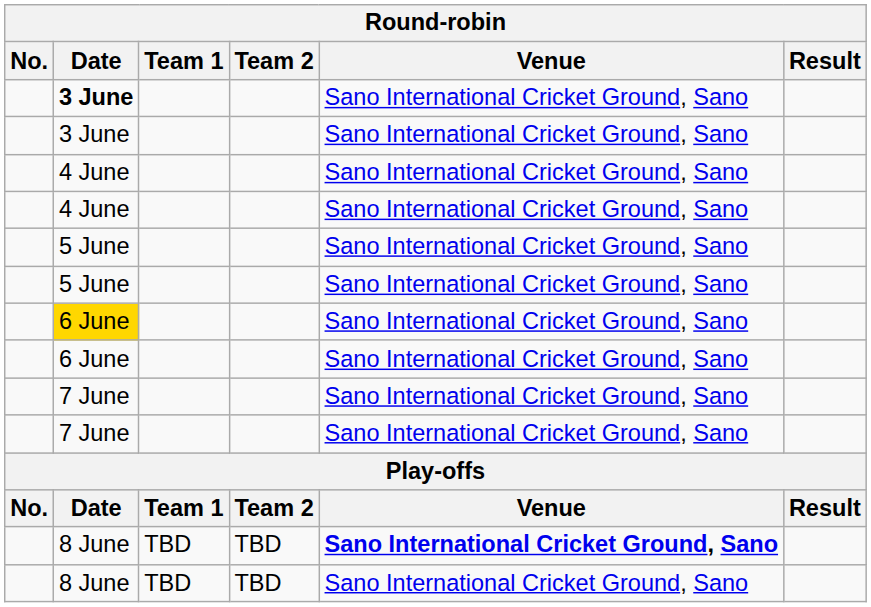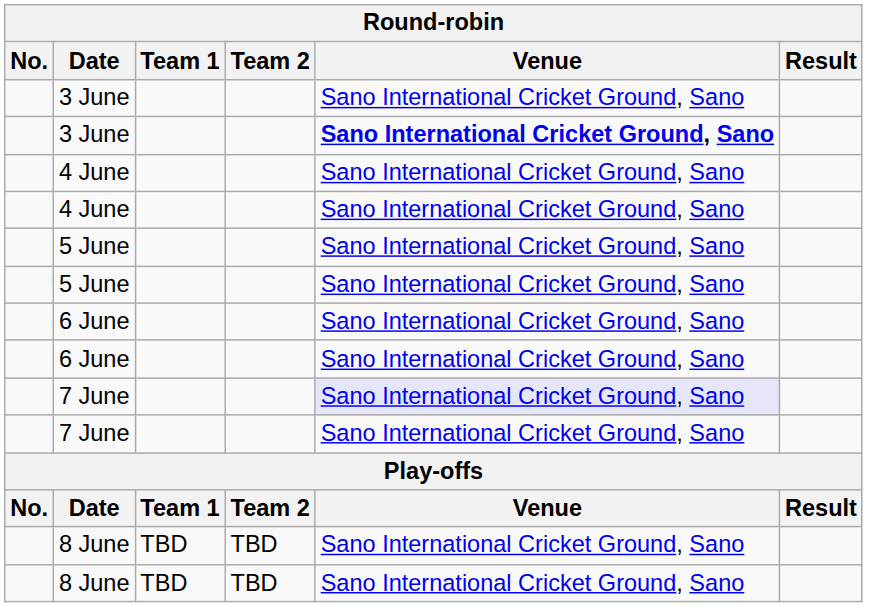 <table class="wikitable">
 <tr>
 <th colspan="6">Round-robin</th>
 </tr>
 <tr>
 <th>No.</th>
 <th>Date</th>
 <th>Team 1</th>
 <th>Team 2</th>
 <th>Venue</th>
 <th>Result</th>
 </tr>
 <tr>
 <td></td>
-<td><strong>3 June</strong></td>
+<td>3 June</td>
 <td></td>
 <td></td>
 <td><a href='#'>Sano International Cricket Ground</a>, <a href='#'>Sano</a></td>
 <td></td>
 </tr>
 <tr>
 <td></td>
 <td>3 June</td>
 <td></td>
 <td></td>
-<td><a href='#'>Sano International Cricket Ground</a>, <a href='#'>Sano</a></td>
+<td><strong><a href='#'>Sano International Cricket Ground</a>, <a href='#'>Sano</a></strong></td>
 <td></td>
 </tr>
 <tr>
 <td></td>
 <td>4 June</td>
 <td></td>
 <td></td>
 <td><a href='#'>Sano International Cricket Ground</a>, <a href='#'>Sano</a></td>
 <td></td>
 </tr>
 <tr>
 <td></td>
 <td>4 June</td>
 <td></td>
 <td></td>
 <td><a href='#'>Sano International Cricket Ground</a>, <a href='#'>Sano</a></td>
 <td></td>
 </tr>
 <tr>
 <td></td>
 <td>5 June</td>
 <td></td>
 <td></td>
 <td><a href='#'>Sano International Cricket Ground</a>, <a href='#'>Sano</a></td>
 <td></td>
 </tr>
 <tr>
 <td></td>
 <td>5 June</td>
 <td></td>
 <td></td>
 <td><a href='#'>Sano International Cricket Ground</a>, <a href='#'>Sano</a></td>
 <td></td>
 </tr>
 <tr>
 <td></td>
-<td style="background: gold;">6 June</td>
+<td>6 June</td>
 <td></td>
 <td></td>
 <td><a href='#'>Sano International Cricket Ground</a>, <a href='#'>Sano</a></td>
 <td></td>
 </tr>
 <tr>
 <td></td>
 <td>6 June</td>
 <td></td>
 <td></td>
 <td><a href='#'>Sano International Cricket Ground</a>, <a href='#'>Sano</a></td>
 <td></td>
 </tr>
 <tr>
 <td></td>
 <td>7 June</td>
 <td></td>
 <td></td>
-<td><a href='#'>Sano International Cricket Ground</a>, <a href='#'>Sano</a></td>
+<td style="background: lavender;"><a href='#'>Sano International Cricket Ground</a>, <a href='#'>Sano</a></td>
 <td></td>
 </tr>
 <tr>
 <td></td>
 <td>7 June</td>
 <td></td>
 <td></td>
 <td><a href='#'>Sano International Cricket Ground</a>, <a href='#'>Sano</a></td>
 <td></td>
 </tr>
 <tr>
 <th colspan="6">Play-offs</th>
 </tr>
 <tr>
 <th>No.</th>
 <th>Date</th>
 <th>Team 1</th>
 <th>Team 2</th>
 <th>Venue</th>
 <th>Result</th>
 </tr>
 <tr>
 <td></td>
 <td>8 June</td>
 <td>TBD</td>
 <td>TBD</td>
-<td><strong><a href='#'>Sano International Cricket Ground</a>, <a href='#'>Sano</a></strong></td>
+<td><a href='#'>Sano International Cricket Ground</a>, <a href='#'>Sano</a></td>
 <td></td>
 </tr>
 <tr>
 <td></td>
 <td>8 June</td>
 <td>TBD</td>
 <td>TBD</td>
 <td><a href='#'>Sano International Cricket Ground</a>, <a href='#'>Sano</a></td>
 <td></td>
 </tr>
 </table>
